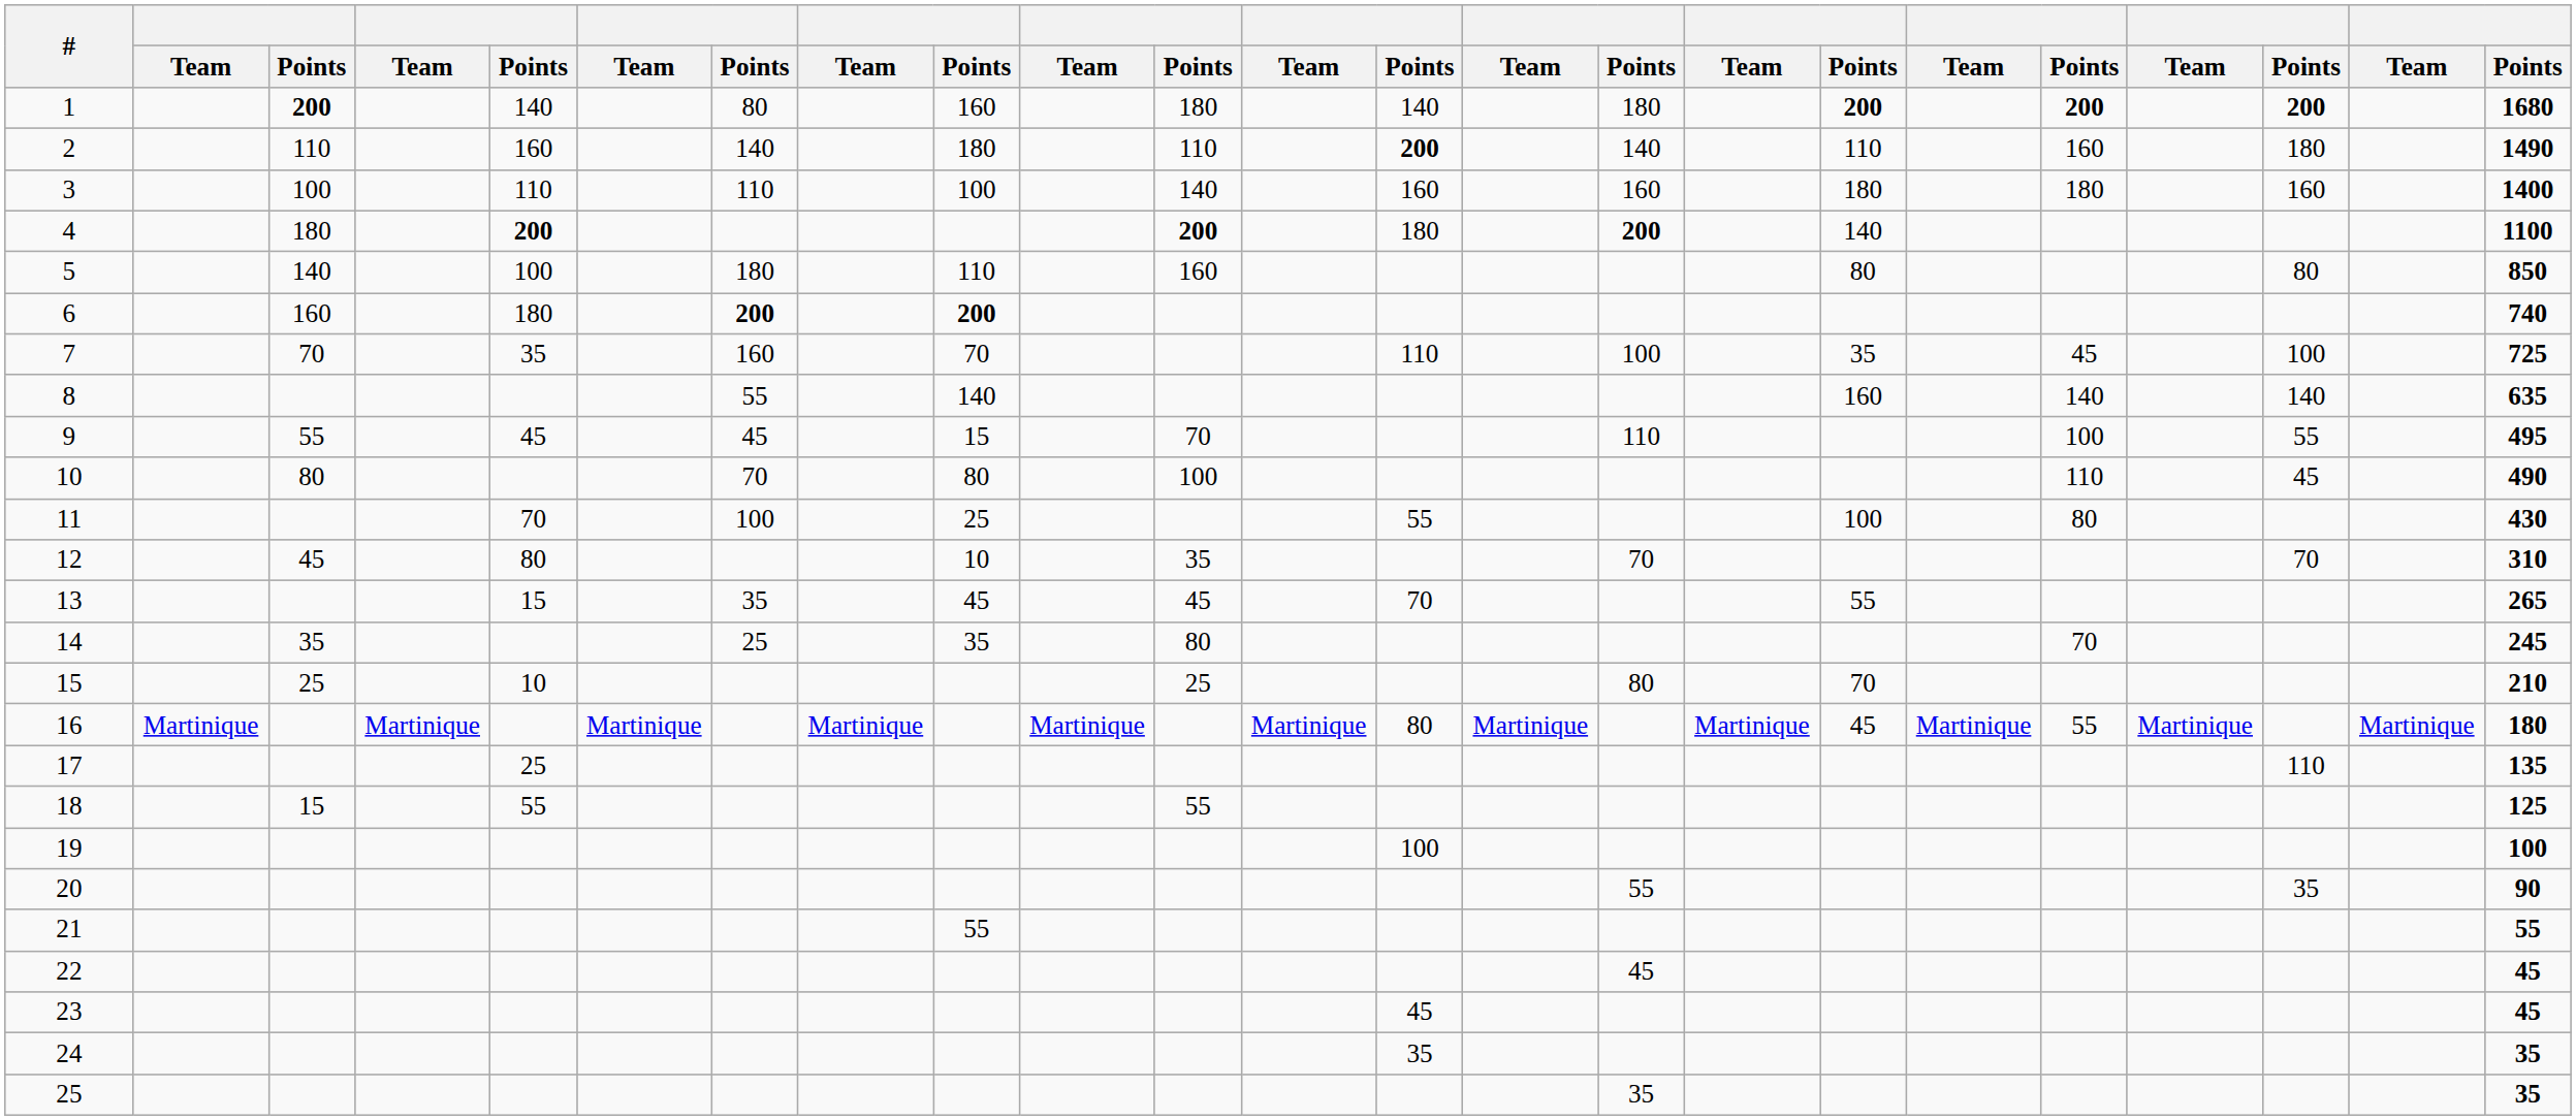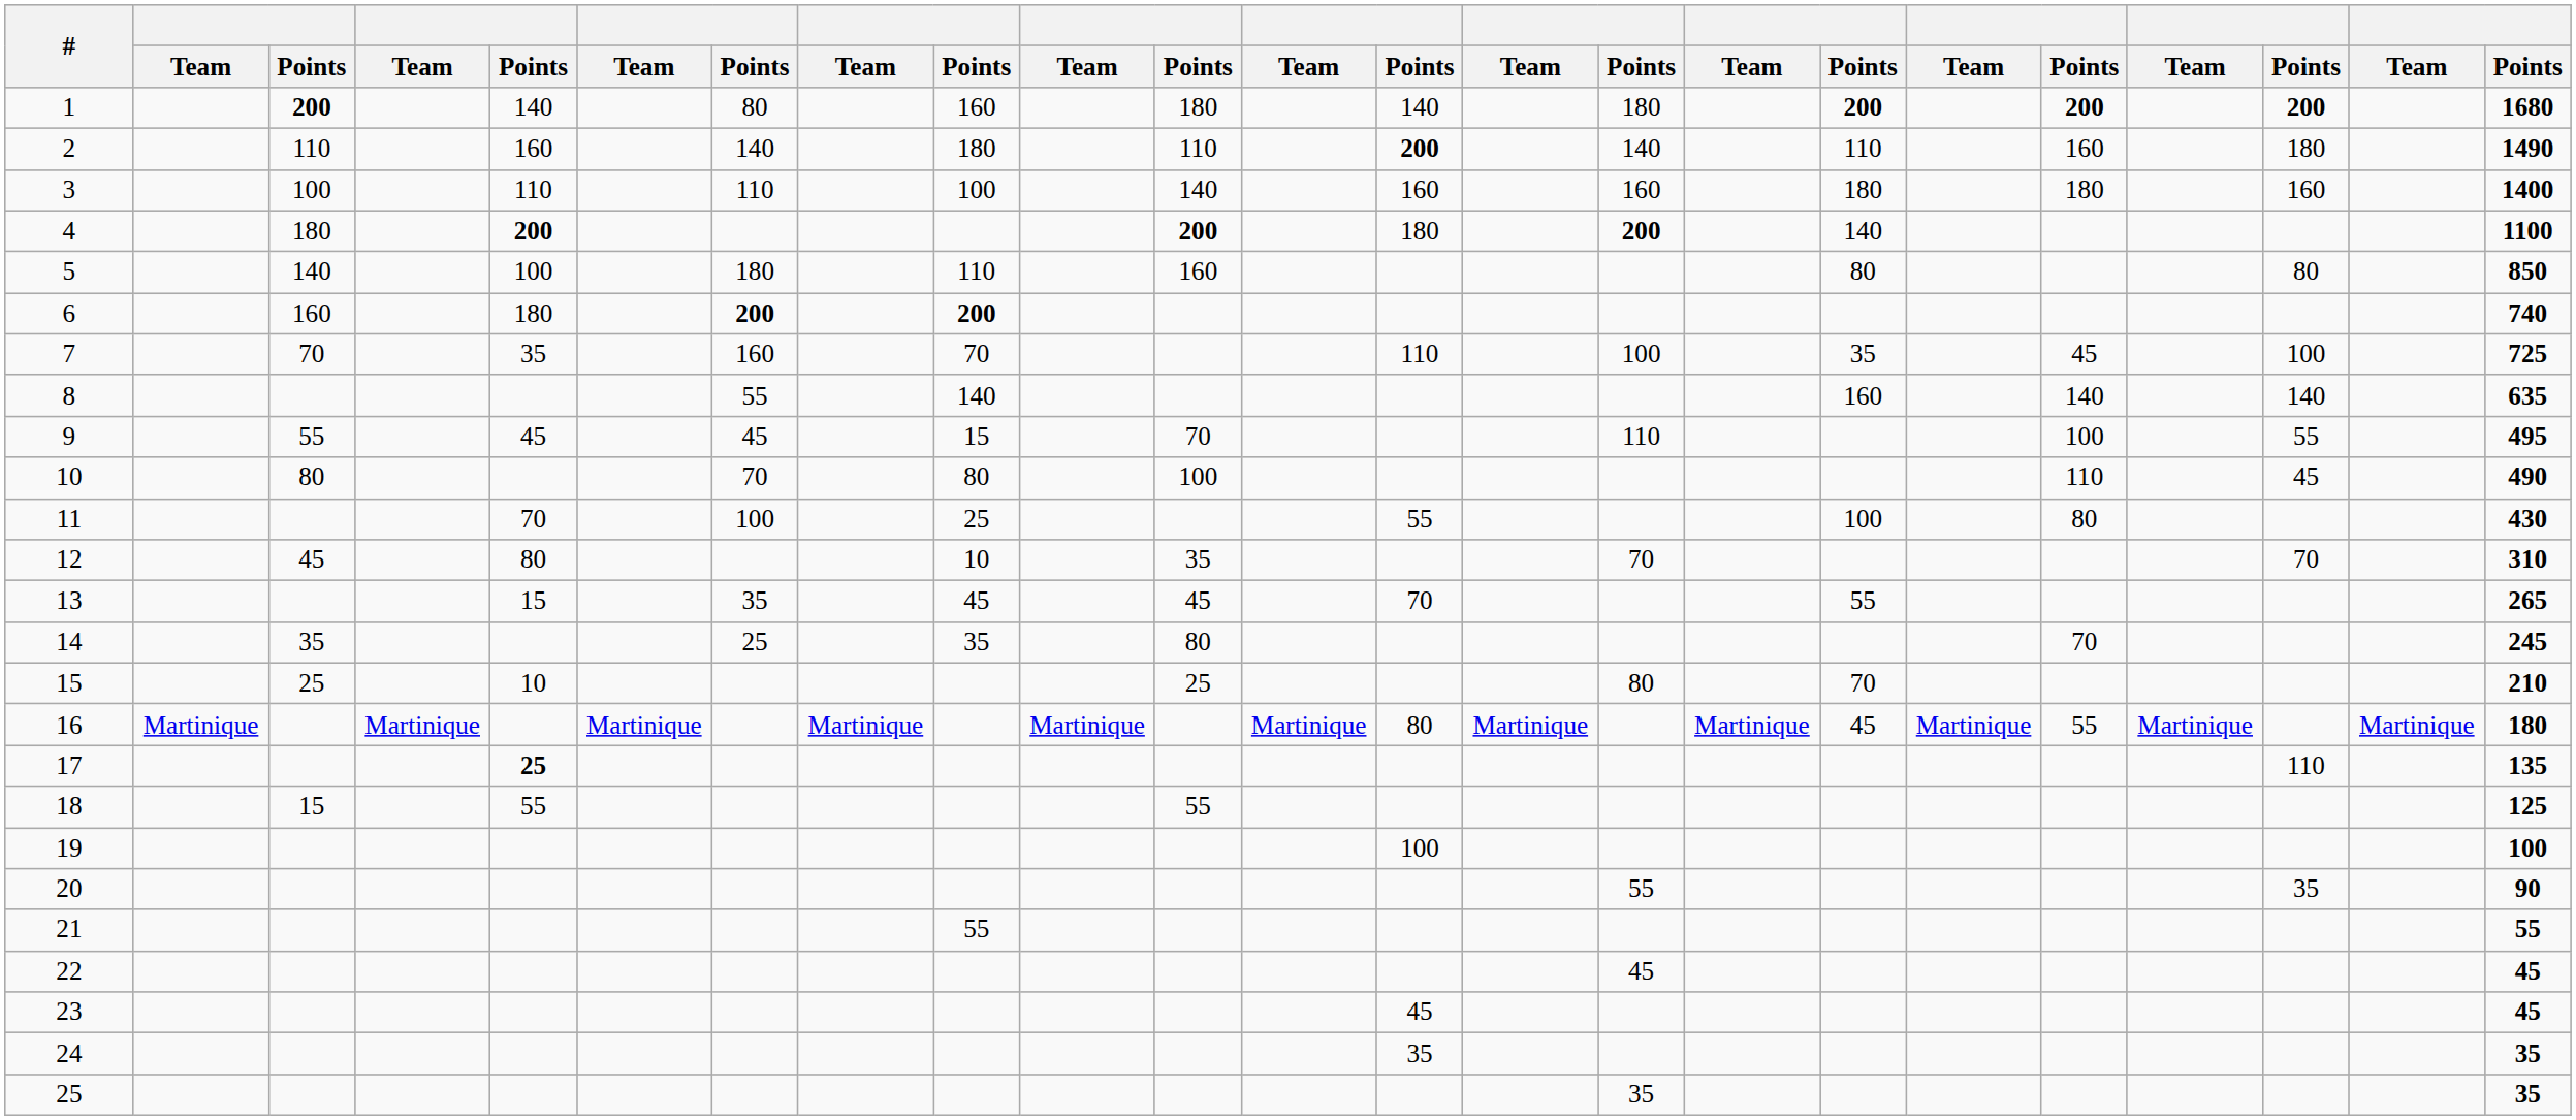 <table class=wikitable style="text-align:center;" width=100%>
 <tr>
 <th rowspan=2 width=5%>#</th>
 <th colspan=2><br></th>
 <th colspan=2></th>
 <th colspan=2></th>
 <th colspan=2><br></th>
 <th colspan=2><br></th>
 <th colspan=2><br></th>
 <th colspan=2></th>
 <th colspan=2><br></th>
 <th colspan=2><br></th>
 <th colspan=2><br></th>
 <th colspan=2></th>
 </tr>
 <tr>
 <th>Team</th>
 <th>Points</th>
 <th>Team</th>
 <th>Points</th>
 <th>Team</th>
 <th>Points</th>
 <th>Team</th>
 <th>Points</th>
 <th>Team</th>
 <th>Points</th>
 <th>Team</th>
 <th>Points</th>
 <th>Team</th>
 <th>Points</th>
 <th>Team</th>
 <th>Points</th>
 <th>Team</th>
 <th>Points</th>
 <th>Team</th>
 <th>Points</th>
 <th>Team</th>
 <th>Points</th>
 </tr>
 <tr>
 <td>1</td>
 <td></td>
 <td><strong>200</strong></td>
 <td></td>
 <td>140</td>
 <td></td>
 <td>80</td>
 <td></td>
 <td>160</td>
 <td></td>
 <td>180</td>
 <td></td>
 <td>140</td>
 <td></td>
 <td>180</td>
 <td></td>
 <td><strong>200</strong></td>
 <td></td>
 <td><strong>200</strong></td>
 <td></td>
 <td><strong>200</strong></td>
 <td></td>
 <td><strong>1680</strong></td>
 </tr>
 <tr>
 <td>2</td>
 <td></td>
 <td>110</td>
 <td></td>
 <td>160</td>
 <td></td>
 <td>140</td>
 <td></td>
 <td>180</td>
 <td></td>
 <td>110</td>
 <td></td>
 <td><strong>200</strong></td>
 <td></td>
 <td>140</td>
 <td></td>
 <td>110</td>
 <td></td>
 <td>160</td>
 <td></td>
 <td>180</td>
 <td></td>
 <td><strong>1490</strong></td>
 </tr>
 <tr>
 <td>3</td>
 <td></td>
 <td>100</td>
 <td></td>
 <td>110</td>
 <td></td>
 <td>110</td>
 <td></td>
 <td>100</td>
 <td></td>
 <td>140</td>
 <td></td>
 <td>160</td>
 <td></td>
 <td>160</td>
 <td></td>
 <td>180</td>
 <td></td>
 <td>180</td>
 <td></td>
 <td>160</td>
 <td></td>
 <td><strong>1400</strong></td>
 </tr>
 <tr>
 <td>4</td>
 <td></td>
 <td>180</td>
 <td></td>
 <td><strong>200</strong></td>
 <td></td>
 <td></td>
 <td></td>
 <td></td>
 <td></td>
 <td><strong>200</strong></td>
 <td></td>
 <td>180</td>
 <td></td>
 <td><strong>200</strong></td>
 <td></td>
 <td>140</td>
 <td></td>
 <td></td>
 <td></td>
 <td></td>
 <td></td>
 <td><strong>1100</strong></td>
 </tr>
 <tr>
 <td>5</td>
 <td></td>
 <td>140</td>
 <td></td>
 <td>100</td>
 <td></td>
 <td>180</td>
 <td></td>
 <td>110</td>
 <td></td>
 <td>160</td>
 <td></td>
 <td></td>
 <td></td>
 <td></td>
 <td></td>
 <td>80</td>
 <td></td>
 <td></td>
 <td></td>
 <td>80</td>
 <td></td>
 <td><strong>850</strong></td>
 </tr>
 <tr>
 <td>6</td>
 <td></td>
 <td>160</td>
 <td></td>
 <td>180</td>
 <td></td>
 <td><strong>200</strong></td>
 <td></td>
 <td><strong>200</strong></td>
 <td></td>
 <td></td>
 <td></td>
 <td></td>
 <td></td>
 <td></td>
 <td></td>
 <td></td>
 <td></td>
 <td></td>
 <td></td>
 <td></td>
 <td></td>
 <td><strong>740</strong></td>
 </tr>
 <tr>
 <td>7</td>
 <td></td>
 <td>70</td>
 <td></td>
 <td>35</td>
 <td></td>
 <td>160</td>
 <td></td>
 <td>70</td>
 <td></td>
 <td></td>
 <td></td>
 <td>110</td>
 <td></td>
 <td>100</td>
 <td></td>
 <td>35</td>
 <td></td>
 <td>45</td>
 <td></td>
 <td>100</td>
 <td></td>
 <td><strong>725</strong></td>
 </tr>
 <tr>
 <td>8</td>
 <td></td>
 <td></td>
 <td></td>
 <td></td>
 <td></td>
 <td>55</td>
 <td></td>
 <td>140</td>
 <td></td>
 <td></td>
 <td></td>
 <td></td>
 <td></td>
 <td></td>
 <td></td>
 <td>160</td>
 <td></td>
 <td>140</td>
 <td></td>
 <td>140</td>
 <td></td>
 <td><strong>635</strong></td>
 </tr>
 <tr>
 <td>9</td>
 <td></td>
 <td>55</td>
 <td></td>
 <td>45</td>
 <td></td>
 <td>45</td>
 <td></td>
 <td>15</td>
 <td></td>
 <td>70</td>
 <td></td>
 <td></td>
 <td></td>
 <td>110</td>
 <td></td>
 <td></td>
 <td></td>
 <td>100</td>
 <td></td>
 <td>55</td>
 <td></td>
 <td><strong>495</strong></td>
 </tr>
 <tr>
 <td>10</td>
 <td></td>
 <td>80</td>
 <td></td>
 <td></td>
 <td></td>
 <td>70</td>
 <td></td>
 <td>80</td>
 <td></td>
 <td>100</td>
 <td></td>
 <td></td>
 <td></td>
 <td></td>
 <td></td>
 <td></td>
 <td></td>
 <td>110</td>
 <td></td>
 <td>45</td>
 <td></td>
 <td><strong>490</strong></td>
 </tr>
 <tr>
 <td>11</td>
 <td></td>
 <td></td>
 <td></td>
 <td>70</td>
 <td></td>
 <td>100</td>
 <td></td>
 <td>25</td>
 <td></td>
 <td></td>
 <td></td>
 <td>55</td>
 <td></td>
 <td></td>
 <td></td>
 <td>100</td>
 <td></td>
 <td>80</td>
 <td></td>
 <td></td>
 <td></td>
 <td><strong>430</strong></td>
 </tr>
 <tr>
 <td>12</td>
 <td></td>
 <td>45</td>
 <td></td>
 <td>80</td>
 <td></td>
 <td></td>
 <td></td>
 <td>10</td>
 <td></td>
 <td>35</td>
 <td></td>
 <td></td>
 <td></td>
 <td>70</td>
 <td></td>
 <td></td>
 <td></td>
 <td></td>
 <td></td>
 <td>70</td>
 <td></td>
 <td><strong>310</strong></td>
 </tr>
 <tr>
 <td>13</td>
 <td></td>
 <td></td>
 <td></td>
 <td>15</td>
 <td></td>
 <td>35</td>
 <td></td>
 <td>45</td>
 <td></td>
 <td>45</td>
 <td></td>
 <td>70</td>
 <td></td>
 <td></td>
 <td></td>
 <td>55</td>
 <td></td>
 <td></td>
 <td></td>
 <td></td>
 <td></td>
 <td><strong>265</strong></td>
 </tr>
 <tr>
 <td>14</td>
 <td></td>
 <td>35</td>
 <td></td>
 <td></td>
 <td></td>
 <td>25</td>
 <td></td>
 <td>35</td>
 <td></td>
 <td>80</td>
 <td></td>
 <td></td>
 <td></td>
 <td></td>
 <td></td>
 <td></td>
 <td></td>
 <td>70</td>
 <td></td>
 <td></td>
 <td></td>
 <td><strong>245</strong></td>
 </tr>
 <tr>
 <td>15</td>
 <td></td>
 <td>25</td>
 <td></td>
 <td>10</td>
 <td></td>
 <td></td>
 <td></td>
 <td></td>
 <td></td>
 <td>25</td>
 <td></td>
 <td></td>
 <td></td>
 <td>80</td>
 <td></td>
 <td>70</td>
 <td></td>
 <td></td>
 <td></td>
 <td></td>
 <td></td>
 <td><strong>210</strong></td>
 </tr>
 <tr>
 <td>16</td>
 <td> <a href='#'>Martinique</a></td>
 <td></td>
 <td> <a href='#'>Martinique</a></td>
 <td></td>
 <td> <a href='#'>Martinique</a></td>
 <td></td>
 <td> <a href='#'>Martinique</a></td>
 <td></td>
 <td> <a href='#'>Martinique</a></td>
 <td></td>
 <td> <a href='#'>Martinique</a></td>
 <td>80</td>
 <td> <a href='#'>Martinique</a></td>
 <td></td>
 <td> <a href='#'>Martinique</a></td>
 <td>45</td>
 <td> <a href='#'>Martinique</a></td>
 <td>55</td>
 <td> <a href='#'>Martinique</a></td>
 <td></td>
 <td> <a href='#'>Martinique</a></td>
 <td><strong>180</strong></td>
 </tr>
 <tr>
 <td>17</td>
 <td></td>
 <td></td>
 <td></td>
-<td>25</td>
+<td><strong>25</strong></td>
 <td></td>
 <td></td>
 <td></td>
 <td></td>
 <td></td>
 <td></td>
 <td></td>
 <td></td>
 <td></td>
 <td></td>
 <td></td>
 <td></td>
 <td></td>
 <td></td>
 <td></td>
 <td>110</td>
 <td></td>
 <td><strong>135</strong></td>
 </tr>
 <tr>
 <td>18</td>
 <td></td>
 <td>15</td>
 <td></td>
 <td>55</td>
 <td></td>
 <td></td>
 <td></td>
 <td></td>
 <td></td>
 <td>55</td>
 <td></td>
 <td></td>
 <td></td>
 <td></td>
 <td></td>
 <td></td>
 <td></td>
 <td></td>
 <td></td>
 <td></td>
 <td></td>
 <td><strong>125</strong></td>
 </tr>
 <tr>
 <td>19</td>
 <td></td>
 <td></td>
 <td></td>
 <td></td>
 <td></td>
 <td></td>
 <td></td>
 <td></td>
 <td></td>
 <td></td>
 <td></td>
 <td>100</td>
 <td></td>
 <td></td>
 <td></td>
 <td></td>
 <td></td>
 <td></td>
 <td></td>
 <td></td>
 <td></td>
 <td><strong>100</strong></td>
 </tr>
 <tr>
 <td>20</td>
 <td></td>
 <td></td>
 <td></td>
 <td></td>
 <td></td>
 <td></td>
 <td></td>
 <td></td>
 <td></td>
 <td></td>
 <td></td>
 <td></td>
 <td></td>
 <td>55</td>
 <td></td>
 <td></td>
 <td></td>
 <td></td>
 <td></td>
 <td>35</td>
 <td></td>
 <td><strong>90</strong></td>
 </tr>
 <tr>
 <td>21</td>
 <td></td>
 <td></td>
 <td></td>
 <td></td>
 <td></td>
 <td></td>
 <td></td>
 <td>55</td>
 <td></td>
 <td></td>
 <td></td>
 <td></td>
 <td></td>
 <td></td>
 <td></td>
 <td></td>
 <td></td>
 <td></td>
 <td></td>
 <td></td>
 <td></td>
 <td><strong>55</strong></td>
 </tr>
 <tr>
 <td>22</td>
 <td></td>
 <td></td>
 <td></td>
 <td></td>
 <td></td>
 <td></td>
 <td></td>
 <td></td>
 <td></td>
 <td></td>
 <td></td>
 <td></td>
 <td></td>
 <td>45</td>
 <td></td>
 <td></td>
 <td></td>
 <td></td>
 <td></td>
 <td></td>
 <td></td>
 <td><strong>45</strong></td>
 </tr>
 <tr>
 <td>23</td>
 <td></td>
 <td></td>
 <td></td>
 <td></td>
 <td></td>
 <td></td>
 <td></td>
 <td></td>
 <td></td>
 <td></td>
 <td></td>
 <td>45</td>
 <td></td>
 <td></td>
 <td></td>
 <td></td>
 <td></td>
 <td></td>
 <td></td>
 <td></td>
 <td></td>
 <td><strong>45</strong></td>
 </tr>
 <tr>
 <td>24</td>
 <td></td>
 <td></td>
 <td></td>
 <td></td>
 <td></td>
 <td></td>
 <td></td>
 <td></td>
 <td></td>
 <td></td>
 <td></td>
 <td>35</td>
 <td></td>
 <td></td>
 <td></td>
 <td></td>
 <td></td>
 <td></td>
 <td></td>
 <td></td>
 <td></td>
 <td><strong>35</strong></td>
 </tr>
 <tr>
 <td>25</td>
 <td></td>
 <td></td>
 <td></td>
 <td></td>
 <td></td>
 <td></td>
 <td></td>
 <td></td>
 <td></td>
 <td></td>
 <td></td>
 <td></td>
 <td></td>
 <td>35</td>
 <td></td>
 <td></td>
 <td></td>
 <td></td>
 <td></td>
 <td></td>
 <td></td>
 <td><strong>35</strong></td>
 </tr>
 </table>
